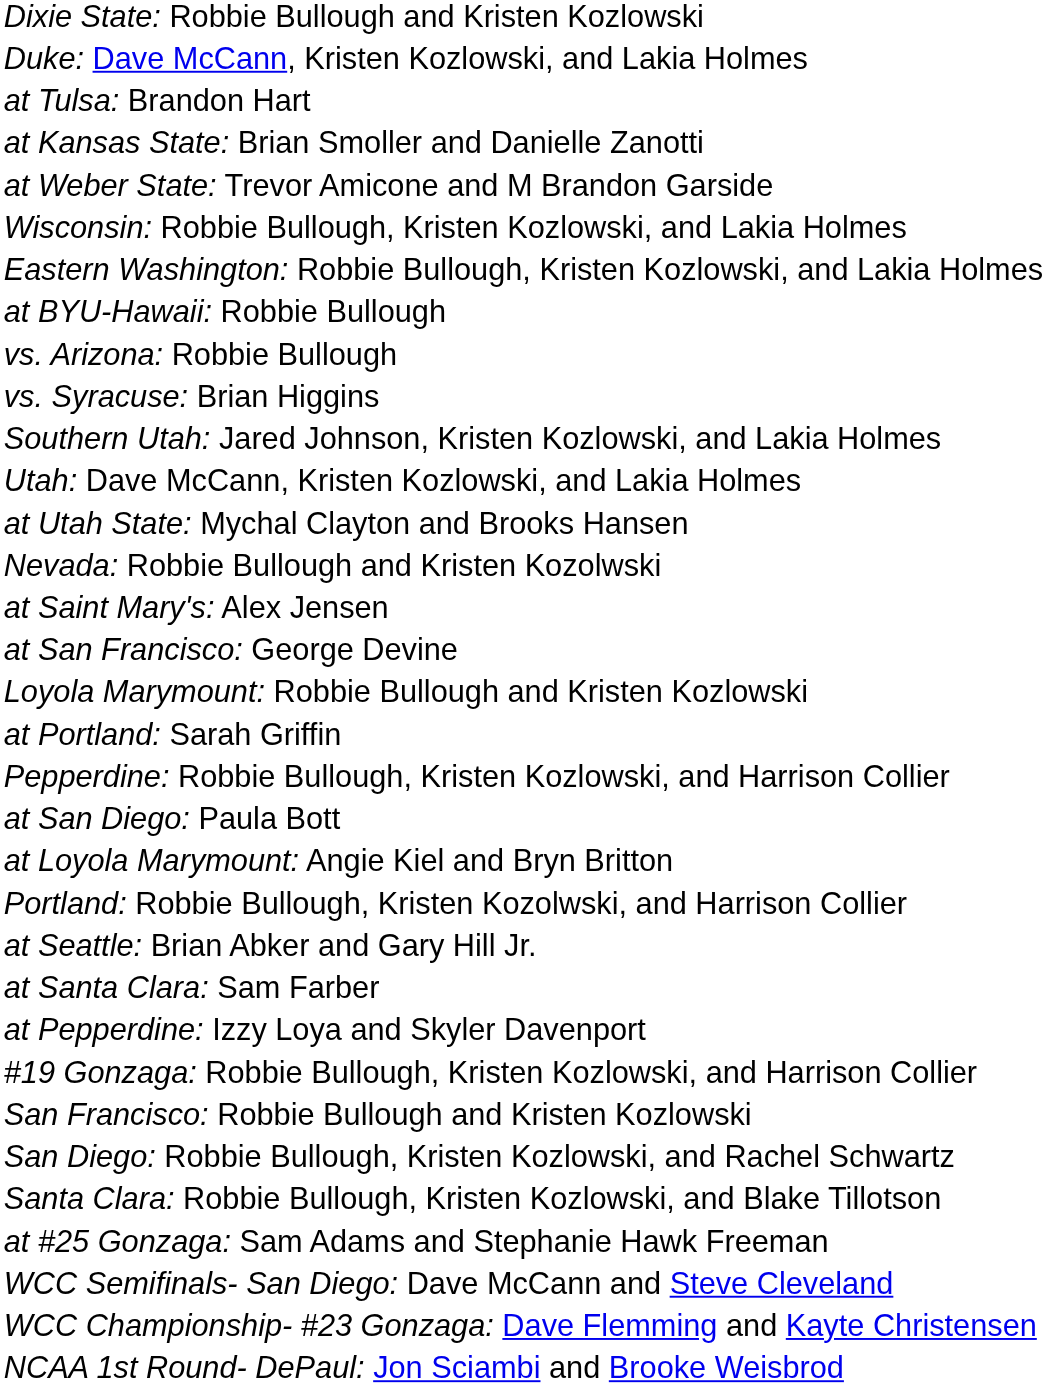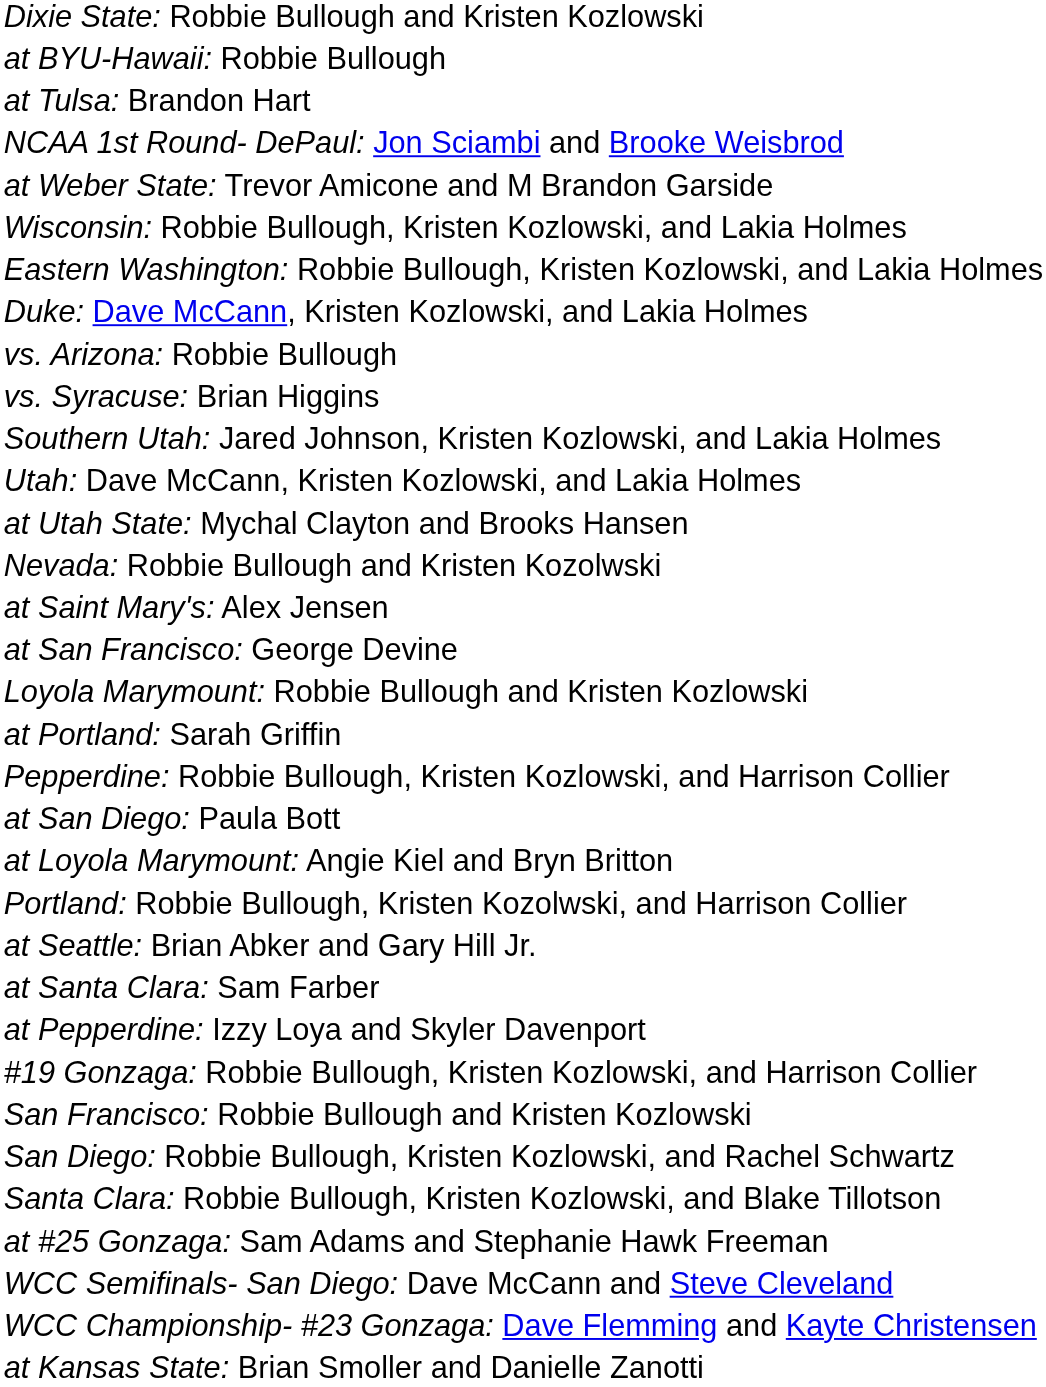 <table>
 <tr>
 <td><em>Dixie State:</em> Robbie Bullough and Kristen Kozlowski</td>
 </tr>
 <tr>
-<td><em>Duke:</em> <a href='#'>Dave McCann</a>, Kristen Kozlowski, and Lakia Holmes </td>
+<td><em>at BYU-Hawaii:</em> Robbie Bullough</td>
 </tr>
 <tr>
 <td><em>at Tulsa:</em> Brandon Hart </td>
 </tr>
 <tr>
-<td><em>at Kansas State:</em> Brian Smoller and Danielle Zanotti </td>
+<td><em>NCAA 1st Round- DePaul:</em> <a href='#'>Jon Sciambi</a> and <a href='#'>Brooke Weisbrod</a></td>
 </tr>
 <tr>
 <td><em>at Weber State:</em> Trevor Amicone and M Brandon Garside</td>
 </tr>
 <tr>
 <td><em>Wisconsin:</em> Robbie Bullough, Kristen Kozlowski, and Lakia Holmes</td>
 </tr>
 <tr>
 <td><em>Eastern Washington:</em> Robbie Bullough, Kristen Kozlowski, and Lakia Holmes</td>
 </tr>
 <tr>
-<td><em>at BYU-Hawaii:</em> Robbie Bullough</td>
+<td><em>Duke:</em> <a href='#'>Dave McCann</a>, Kristen Kozlowski, and Lakia Holmes </td>
 </tr>
 <tr>
 <td><em>vs. Arizona:</em> Robbie Bullough</td>
 </tr>
 <tr>
 <td><em>vs. Syracuse:</em> Brian Higgins</td>
 </tr>
 <tr>
 <td><em>Southern Utah:</em> Jared Johnson, Kristen Kozlowski, and Lakia Holmes </td>
 </tr>
 <tr>
 <td><em>Utah:</em> Dave McCann, Kristen Kozlowski, and Lakia Holmes </td>
 </tr>
 <tr>
 <td><em>at Utah State:</em> Mychal Clayton and Brooks Hansen </td>
 </tr>
 <tr>
 <td><em>Nevada:</em> Robbie Bullough and Kristen Kozolwski </td>
 </tr>
 <tr>
 <td><em>at Saint Mary's:</em> Alex Jensen </td>
 </tr>
 <tr>
 <td><em>at San Francisco:</em> George Devine </td>
 </tr>
 <tr>
 <td><em>Loyola Marymount:</em> Robbie Bullough and Kristen Kozlowski </td>
 </tr>
 <tr>
 <td><em>at Portland:</em> Sarah Griffin </td>
 </tr>
 <tr>
 <td><em>Pepperdine:</em> Robbie Bullough, Kristen Kozlowski, and Harrison Collier </td>
 </tr>
 <tr>
 <td><em>at San Diego:</em> Paula Bott </td>
 </tr>
 <tr>
 <td><em>at Loyola Marymount:</em> Angie Kiel and Bryn Britton </td>
 </tr>
 <tr>
 <td><em>Portland:</em> Robbie Bullough, Kristen Kozolwski, and Harrison Collier </td>
 </tr>
 <tr>
 <td><em>at Seattle:</em> Brian Abker and Gary Hill Jr.</td>
 </tr>
 <tr>
 <td><em>at Santa Clara:</em> Sam Farber </td>
 </tr>
 <tr>
 <td><em>at Pepperdine:</em> Izzy Loya and Skyler Davenport</td>
 </tr>
 <tr>
 <td><em>#19 Gonzaga:</em> Robbie Bullough, Kristen Kozlowski, and Harrison Collier </td>
 </tr>
 <tr>
 <td><em>San Francisco:</em> Robbie Bullough and Kristen Kozlowski </td>
 </tr>
 <tr>
 <td><em>San Diego:</em> Robbie Bullough, Kristen Kozlowski, and Rachel Schwartz </td>
 </tr>
 <tr>
 <td><em>Santa Clara:</em> Robbie Bullough, Kristen Kozlowski, and Blake Tillotson </td>
 </tr>
 <tr>
 <td><em>at #25 Gonzaga:</em> Sam Adams and Stephanie Hawk Freeman </td>
 </tr>
 <tr>
 <td><em>WCC Semifinals- San Diego:</em> Dave McCann and <a href='#'>Steve Cleveland</a></td>
 </tr>
 <tr>
 <td><em>WCC Championship- #23 Gonzaga:</em> <a href='#'>Dave Flemming</a> and <a href='#'>Kayte Christensen</a></td>
 </tr>
 <tr>
-<td><em>NCAA 1st Round- DePaul:</em> <a href='#'>Jon Sciambi</a> and <a href='#'>Brooke Weisbrod</a></td>
+<td><em>at Kansas State:</em> Brian Smoller and Danielle Zanotti </td>
 </tr>
 </table>
